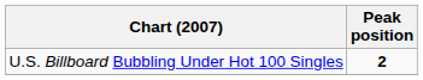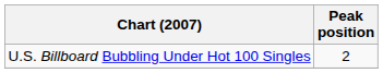 <table class="wikitable">
 <tr>
 <th>Chart (2007)</th>
 <th>Peak<br>position</th>
 </tr>
 <tr>
 <td>U.S. <em>Billboard</em> <a href='#'>Bubbling Under Hot 100 Singles</a></td>
-<td align="center"><strong>2</strong></td>
+<td align="center">2</td>
 </tr>
 <tr>
 </tr>
 </table>
